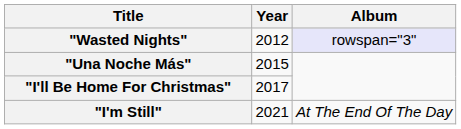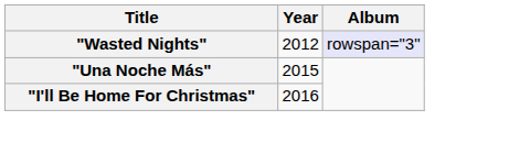 <table class="wikitable plainrowheaders" style="text-align:center">
 <tr>
 <th scope="col" style="width:16em;">Title</th>
 <th scope="col">Year</th>
 <th scope="col">Album</th>
 </tr>
 <tr>
 <th scope="row">"Wasted Nights"</th>
 <td>2012</td>
 <td style="background: lavender;">rowspan="3" </td>
 </tr>
 <tr>
 <th scope="row">"Una Noche Más"</th>
 <td>2015</td>
 </tr>
 <tr>
 <th scope="row">"I'll Be Home For Christmas"</th>
-<td>2017</td>
-</tr>
-<tr>
-<th scope="row">"I'm Still"</th>
-<td>2021</td>
-<td><em>At The End Of The Day</em></td>
+<td>2016</td>
 </tr>
 </table>
